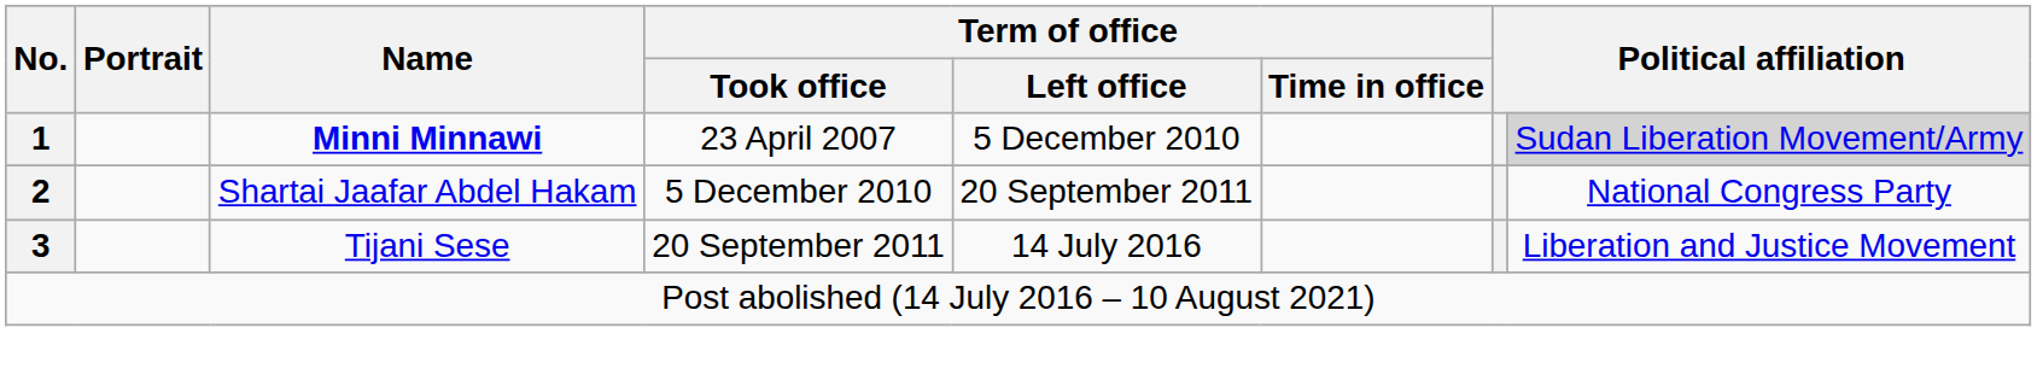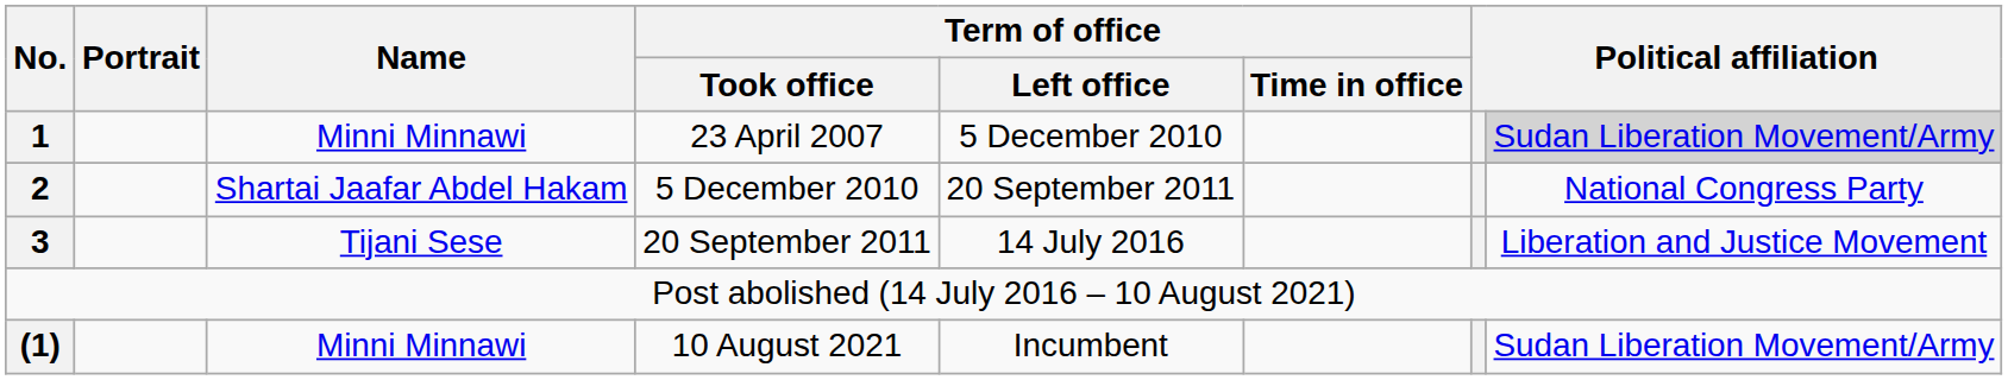 <table class="wikitable" style="text-align:center;">
 <tr>
 <th rowspan=2>No.</th>
 <th rowspan=2>Portrait</th>
 <th rowspan=2>Name</th>
 <th colspan=3>Term of office</th>
 <th rowspan=2 colspan=2>Political affiliation</th>
 </tr>
 <tr>
 <th>Took office</th>
 <th>Left office</th>
 <th>Time in office</th>
 </tr>
 <tr>
 <th>1</th>
 <td></td>
-<td><strong><a href='#'>Minni Minnawi</a></strong></td>
+<td><a href='#'>Minni Minnawi</a></td>
 <td>23 April 2007</td>
 <td>5 December 2010</td>
 <td></td>
 <th style="background:"></th>
 <td style="background: lightgrey;"><a href='#'>Sudan Liberation Movement/Army</a></td>
 </tr>
 <tr>
 <th>2</th>
 <td></td>
 <td><a href='#'>Shartai Jaafar Abdel Hakam</a></td>
 <td>5 December 2010</td>
 <td>20 September 2011</td>
 <td></td>
 <th style="background:"></th>
 <td><a href='#'>National Congress Party</a></td>
 </tr>
 <tr>
 <th>3</th>
 <td></td>
 <td><a href='#'>Tijani Sese</a></td>
 <td>20 September 2011</td>
 <td>14 July 2016</td>
 <td></td>
 <th style="background:"></th>
 <td><a href='#'>Liberation and Justice Movement</a></td>
 </tr>
 <tr>
 <td colspan=8>Post abolished (14 July 2016 – 10 August 2021)</td>
 </tr>
+<tr>
+<th>(1)</th>
+<td></td>
+<td><a href='#'>Minni Minnawi</a></td>
+<td>10 August 2021</td>
+<td>Incumbent</td>
+<td></td>
+<th style="background:"></th>
+<td><a href='#'>Sudan Liberation Movement/Army</a></td>
+</tr>
 </table>
